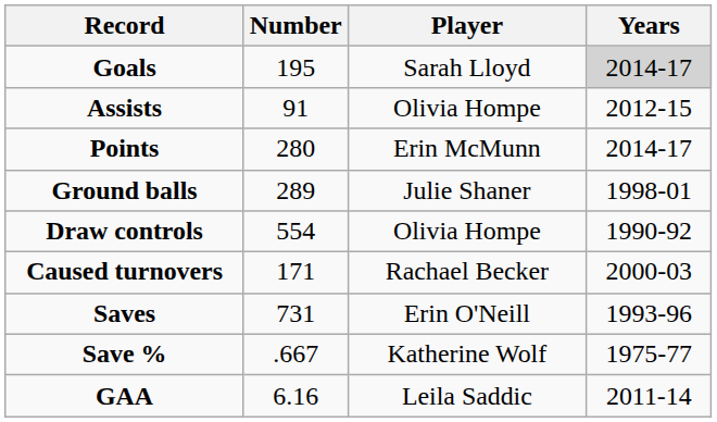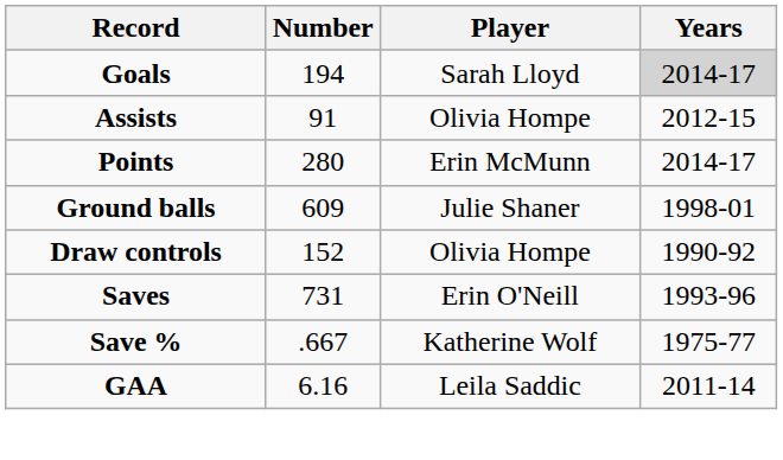 <table class="wikitable">
 <tr>
 <th style="width:140px; ">Record</th>
 <th style="width:35px; ">Number</th>
 <th style="width:140px; ">Player</th>
 <th style="width:70px; ">Years</th>
 </tr>
 <tr style="text-align:center;">
 <td><strong>Goals</strong></td>
-<td>195</td>
+<td>194</td>
 <td>Sarah Lloyd</td>
 <td style="background: lightgrey;">2014-17</td>
 </tr>
 <tr style="text-align:center;">
 <td><strong>Assists</strong></td>
 <td>91</td>
 <td>Olivia Hompe</td>
 <td>2012-15</td>
 </tr>
 <tr style="text-align:center;">
 <td><strong>Points</strong></td>
 <td>280</td>
 <td>Erin McMunn</td>
 <td>2014-17</td>
 </tr>
 <tr style="text-align:center;">
 <td><strong>Ground balls</strong></td>
-<td>289</td>
+<td>609</td>
 <td>Julie Shaner</td>
 <td>1998-01</td>
 </tr>
 <tr style="text-align:center;">
 <td><strong>Draw controls</strong></td>
-<td>554</td>
+<td>152</td>
 <td>Olivia Hompe</td>
 <td>1990-92</td>
-</tr>
-<tr style="text-align:center;">
-<td><strong>Caused turnovers</strong></td>
-<td>171</td>
-<td>Rachael Becker</td>
-<td>2000-03</td>
 </tr>
 <tr style="text-align:center;">
 <td><strong>Saves</strong></td>
 <td>731</td>
 <td>Erin O'Neill</td>
 <td>1993-96</td>
 </tr>
 <tr style="text-align:center;">
 <td><strong>Save %</strong></td>
 <td>.667</td>
 <td>Katherine Wolf</td>
 <td>1975-77</td>
 </tr>
 <tr style="text-align:center;">
 <td><strong>GAA</strong></td>
 <td>6.16</td>
 <td>Leila Saddic</td>
 <td>2011-14</td>
 </tr>
 </table>
